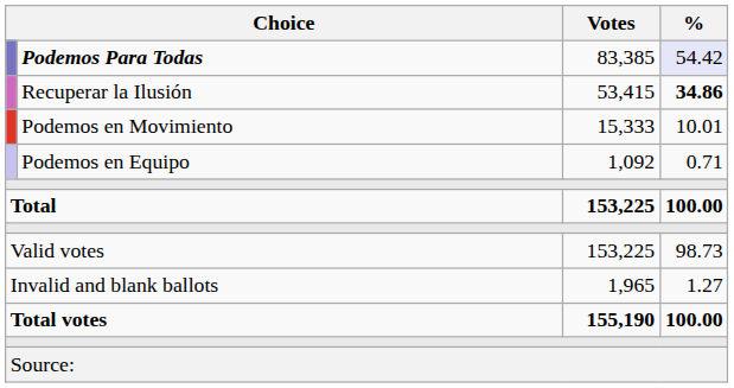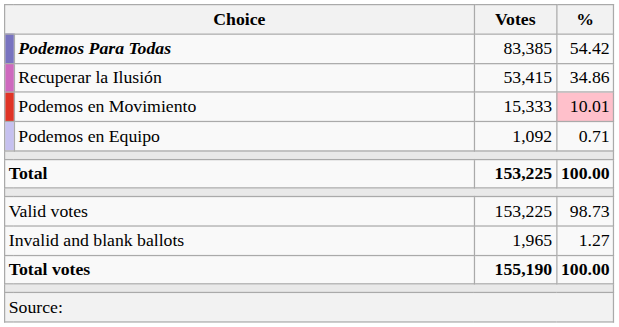 <table class="wikitable" style="text-align:right; font-size:90%;">
 <tr>
 <th colspan="2" width="375">Choice</th>
 <th width="60">Votes</th>
 <th width="40">%</th>
 </tr>
 <tr>
 <td width="1" style="color:inherit;background:#7873C0"></td>
 <td align="left"><strong><em>Podemos Para Todas<em> <strong></td>
 <td></strong>83,385<strong></td>
-<td style="background: lavender;"></strong>54.42<strong></td>
+<td></strong>54.42<strong></td>
 </tr>
 <tr>
 <td style="color:inherit;background:#CE69BE"></td>
 <td align="left"></em>Recuperar la Ilusión<em> </td>
 <td>53,415</td>
-<td><strong>34.86</strong></td>
+<td>34.86</td>
 </tr>
 <tr>
 <td style="color:inherit;background:#E03426"></td>
 <td align="left"></em>Podemos en Movimiento<em> </td>
 <td>15,333</td>
-<td>10.01</td>
+<td style="background: pink;">10.01</td>
 </tr>
 <tr>
 <td style="color:inherit;background:#C6C1F0"></td>
 <td align="left"></em>Podemos en Equipo<em></td>
 <td>1,092</td>
 <td>0.71</td>
 </tr>
 <tr>
 <td colspan="4" bgcolor="#E9E9E9"></td>
 </tr>
 <tr style="font-weight:bold;">
 <td align="left" colspan="2">Total</td>
 <td>153,225</td>
 <td>100.00</td>
 </tr>
 <tr>
 <td colspan="4" bgcolor="#E9E9E9"></td>
 </tr>
 <tr>
 <td align="left" colspan="2">Valid votes</td>
 <td>153,225</td>
 <td>98.73</td>
 </tr>
 <tr>
 <td align="left" colspan="2">Invalid and blank ballots</td>
 <td>1,965</td>
 <td>1.27</td>
 </tr>
 <tr style="font-weight:bold;">
 <td align="left" colspan="2">Total votes</td>
 <td>155,190</td>
 <td>100.00</td>
 </tr>
 <tr>
 <td colspan="4" bgcolor="#E9E9E9"></td>
 </tr>
 <tr style="background-color:#F2F2F2">
 <td colspan="4" align="left">Source: </td>
 </tr>
 </table>
